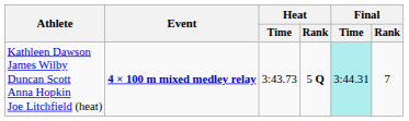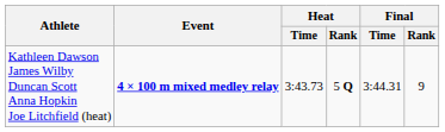 <table class=wikitable style="font-size:90%;">
 <tr>
 <th rowspan=2>Athlete</th>
 <th rowspan=2>Event</th>
 <th colspan=2>Heat</th>
 <th colspan=2>Final</th>
 </tr>
 <tr style="font-size:95%">
 <th>Time</th>
 <th>Rank</th>
 <th>Time</th>
 <th>Rank</th>
 </tr>
 <tr align=center>
 <td align=left><a href='#'>Kathleen Dawson</a><br><a href='#'>James Wilby</a><br> <a href='#'>Duncan Scott</a><br><a href='#'>Anna Hopkin</a><br><a href='#'>Joe Litchfield</a> (heat)</td>
 <td align=left><strong><a href='#'>4 × 100 m mixed medley relay</a></strong></td>
 <td>3:43.73</td>
 <td>5 <strong>Q</strong></td>
-<td style="background: paleturquoise;">3:44.31</td>
-<td>7</td>
+<td>3:44.31</td>
+<td>9</td>
 </tr>
 </table>
